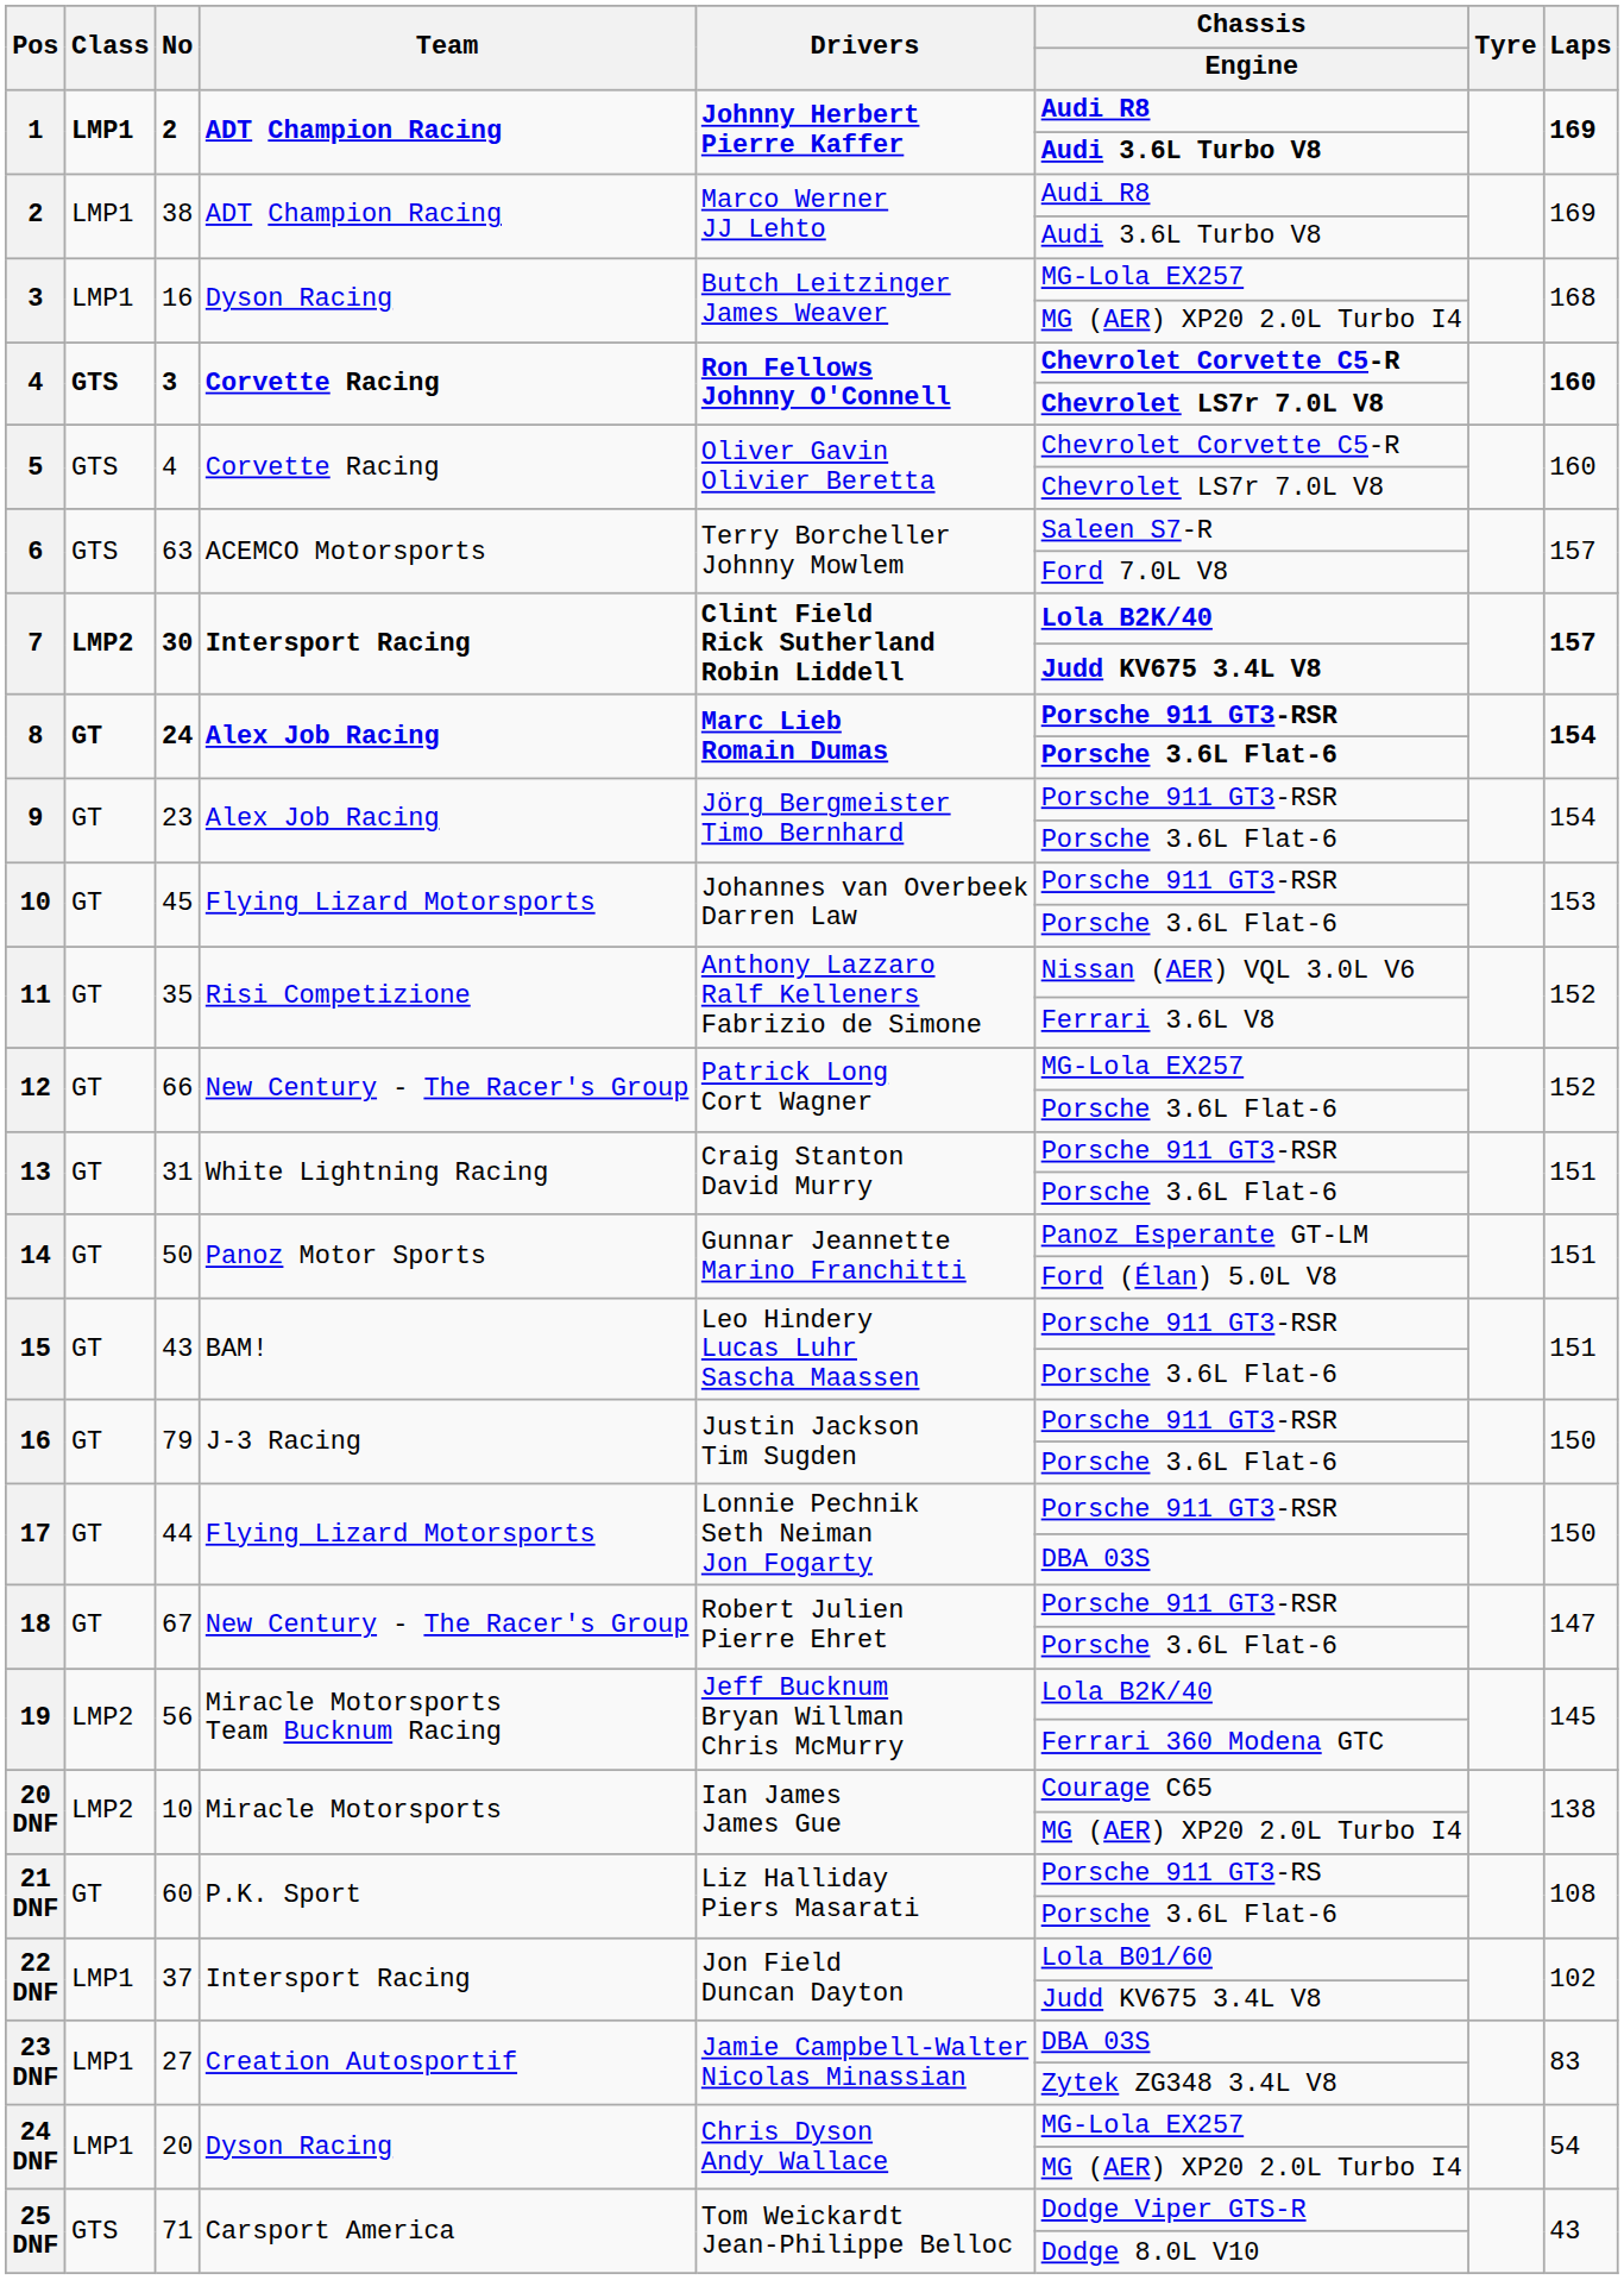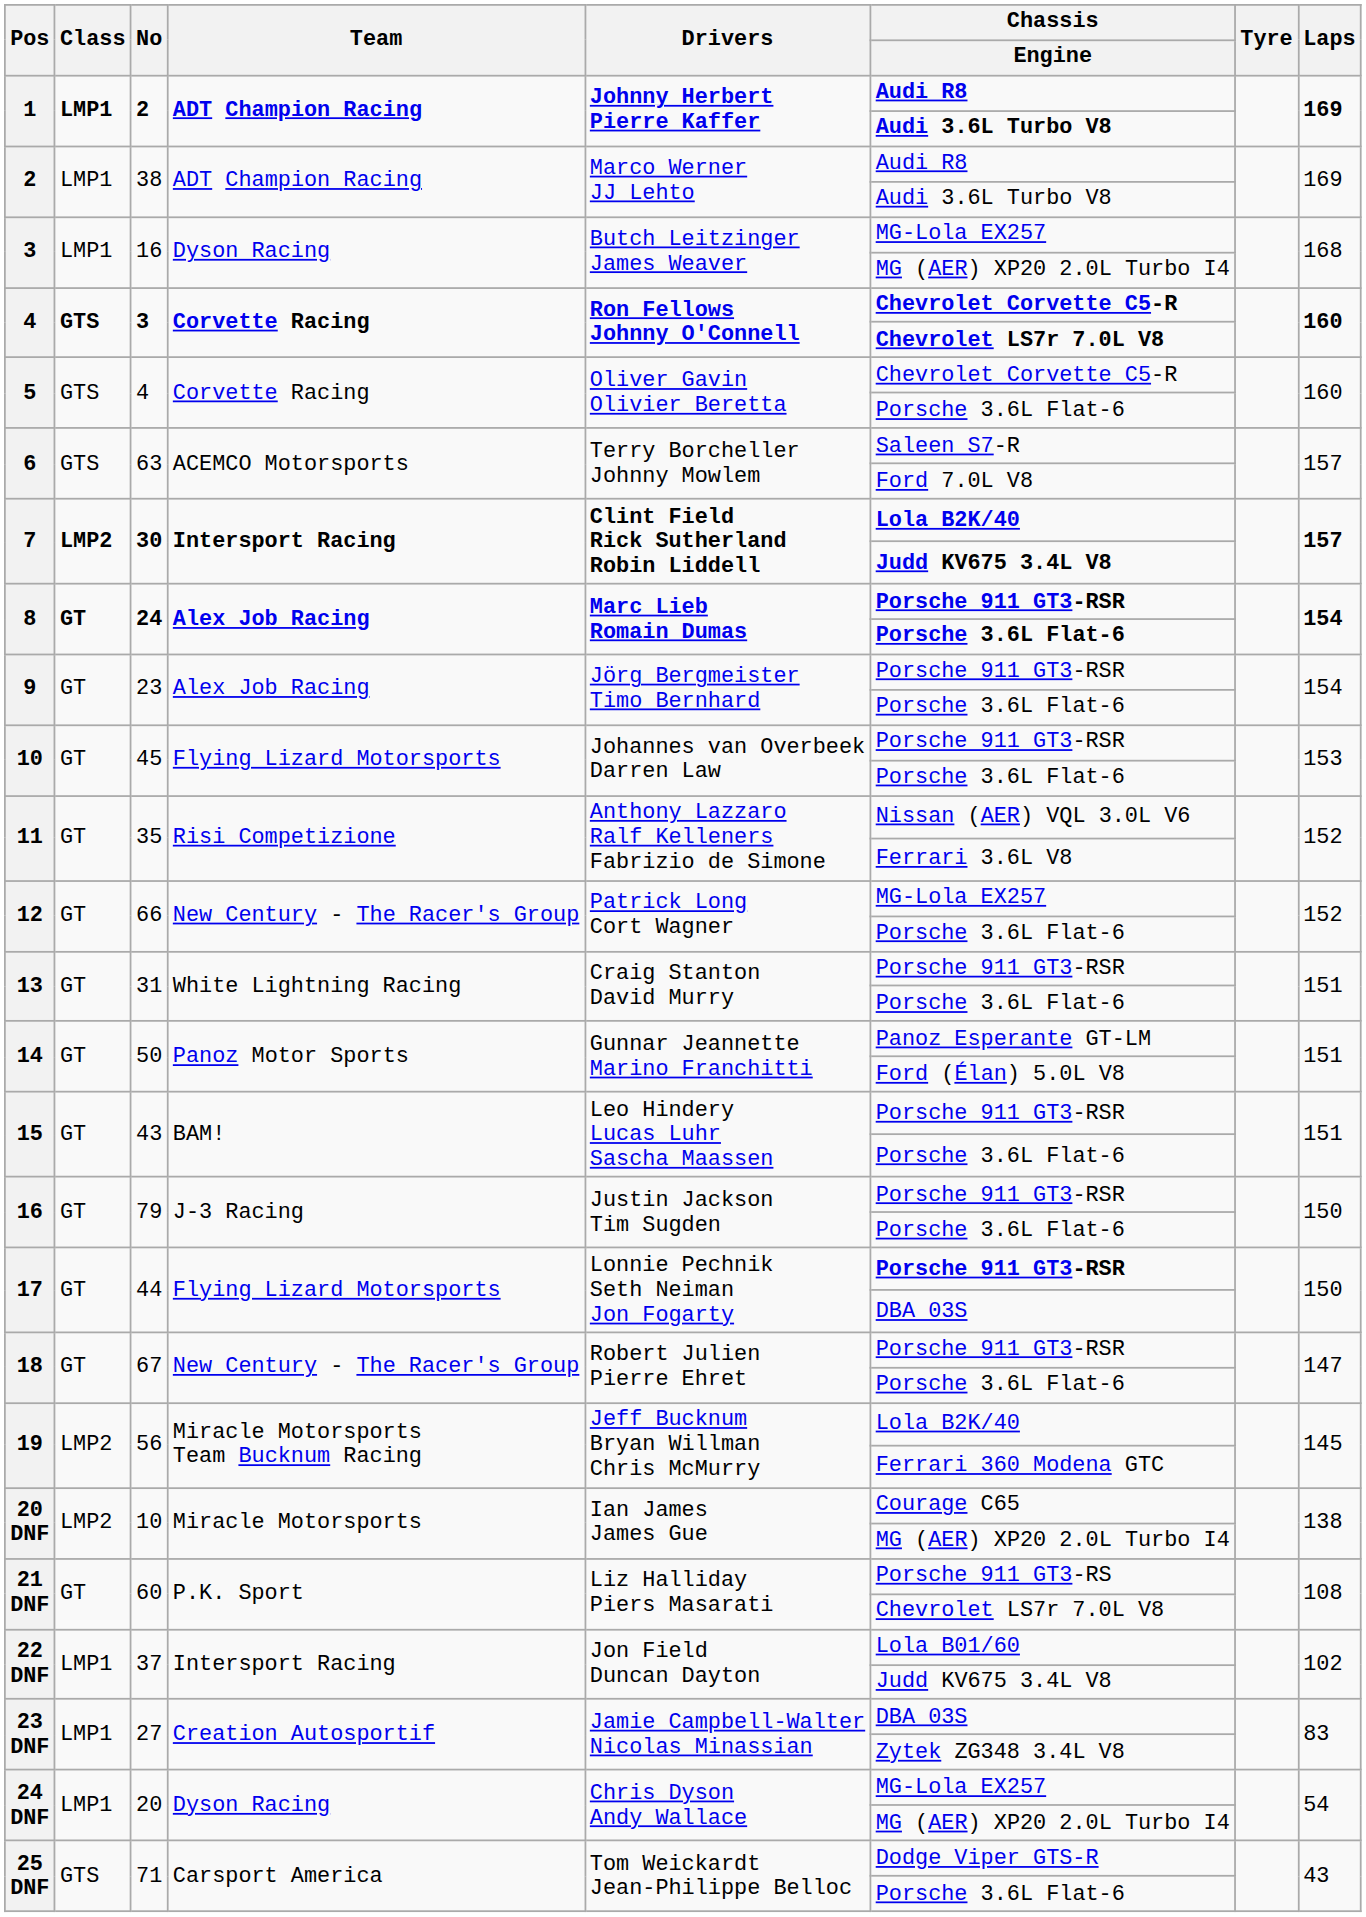 <table class="wikitable" style="font-size: 95%;">
 <tr>
 <th rowspan=2>Pos</th>
 <th rowspan=2>Class</th>
 <th rowspan=2>No</th>
 <th rowspan=2>Team</th>
 <th rowspan=2>Drivers</th>
 <th>Chassis</th>
 <th rowspan=2>Tyre</th>
 <th rowspan=2>Laps</th>
 </tr>
 <tr>
 <th>Engine</th>
 </tr>
 <tr style="font-weight:bold">
 <th rowspan=2>1</th>
 <td rowspan=2>LMP1</td>
 <td rowspan=2>2</td>
 <td rowspan=2> <a href='#'>ADT</a> <a href='#'>Champion Racing</a></td>
 <td rowspan=2> <a href='#'>Johnny Herbert</a><br> <a href='#'>Pierre Kaffer</a></td>
 <td><a href='#'>Audi R8</a></td>
 <td rowspan=2></td>
 <td rowspan=2>169</td>
 </tr>
 <tr style="font-weight:bold">
 <td><a href='#'>Audi</a> 3.6L Turbo V8</td>
 </tr>
 <tr>
 <th rowspan=2>2</th>
 <td rowspan=2>LMP1</td>
 <td rowspan=2>38</td>
 <td rowspan=2> <a href='#'>ADT</a> <a href='#'>Champion Racing</a></td>
 <td rowspan=2> <a href='#'>Marco Werner</a><br> <a href='#'>JJ Lehto</a></td>
 <td><a href='#'>Audi R8</a></td>
 <td rowspan=2></td>
 <td rowspan=2>169</td>
 </tr>
 <tr>
 <td><a href='#'>Audi</a> 3.6L Turbo V8</td>
 </tr>
 <tr>
 <th rowspan=2>3</th>
 <td rowspan=2>LMP1</td>
 <td rowspan=2>16</td>
 <td rowspan=2> <a href='#'>Dyson Racing</a></td>
 <td rowspan=2> <a href='#'>Butch Leitzinger</a><br>  <a href='#'>James Weaver</a></td>
 <td><a href='#'>MG-Lola EX257</a></td>
 <td rowspan=2></td>
 <td rowspan=2>168</td>
 </tr>
 <tr>
 <td><a href='#'>MG</a> (<a href='#'>AER</a>) XP20 2.0L Turbo I4</td>
 </tr>
 <tr style="font-weight:bold">
 <th rowspan=2>4</th>
 <td rowspan=2>GTS</td>
 <td rowspan=2>3</td>
 <td rowspan=2> <a href='#'>Corvette</a> Racing</td>
 <td rowspan=2> <a href='#'>Ron Fellows</a><br> <a href='#'>Johnny O'Connell</a></td>
 <td><a href='#'>Chevrolet Corvette C5</a>-R</td>
 <td rowspan=2></td>
 <td rowspan=2>160</td>
 </tr>
 <tr style="font-weight:bold">
 <td><a href='#'>Chevrolet</a> LS7r 7.0L V8</td>
 </tr>
 <tr>
 <th rowspan=2>5</th>
 <td rowspan=2>GTS</td>
 <td rowspan=2>4</td>
 <td rowspan=2> <a href='#'>Corvette</a> Racing</td>
 <td rowspan=2> <a href='#'>Oliver Gavin</a><br> <a href='#'>Olivier Beretta</a></td>
 <td><a href='#'>Chevrolet Corvette C5</a>-R</td>
 <td rowspan=2></td>
 <td rowspan=2>160</td>
 </tr>
 <tr>
-<td><a href='#'>Chevrolet</a> LS7r 7.0L V8</td>
+<td><a href='#'>Porsche</a> 3.6L Flat-6</td>
 </tr>
 <tr>
 <th rowspan=2>6</th>
 <td rowspan=2>GTS</td>
 <td rowspan=2>63</td>
 <td rowspan=2> ACEMCO Motorsports</td>
 <td rowspan=2> Terry Borcheller<br> Johnny Mowlem</td>
 <td><a href='#'>Saleen S7</a>-R</td>
 <td rowspan=2></td>
 <td rowspan=2>157</td>
 </tr>
 <tr>
 <td><a href='#'>Ford</a> 7.0L V8</td>
 </tr>
 <tr style="font-weight:bold">
 <th rowspan=2>7</th>
 <td rowspan=2>LMP2</td>
 <td rowspan=2>30</td>
 <td rowspan=2> Intersport Racing</td>
 <td rowspan=2> Clint Field<br> Rick Sutherland<br> Robin Liddell</td>
 <td><a href='#'>Lola B2K/40</a></td>
 <td rowspan=2></td>
 <td rowspan=2>157</td>
 </tr>
 <tr style="font-weight:bold">
 <td><a href='#'>Judd</a> KV675 3.4L V8</td>
 </tr>
 <tr style="font-weight:bold">
 <th rowspan=2>8</th>
 <td rowspan=2>GT</td>
 <td rowspan=2>24</td>
 <td rowspan=2> <a href='#'>Alex Job Racing</a></td>
 <td rowspan=2> <a href='#'>Marc Lieb</a><br> <a href='#'>Romain Dumas</a></td>
 <td><a href='#'>Porsche 911 GT3</a>-RSR</td>
 <td rowspan=2></td>
 <td rowspan=2>154</td>
 </tr>
 <tr style="font-weight:bold">
 <td><a href='#'>Porsche</a> 3.6L Flat-6</td>
 </tr>
 <tr>
 <th rowspan=2>9</th>
 <td rowspan=2>GT</td>
 <td rowspan=2>23</td>
 <td rowspan=2> <a href='#'>Alex Job Racing</a></td>
 <td rowspan=2> <a href='#'>Jörg Bergmeister</a><br> <a href='#'>Timo Bernhard</a></td>
 <td><a href='#'>Porsche 911 GT3</a>-RSR</td>
 <td rowspan=2></td>
 <td rowspan=2>154</td>
 </tr>
 <tr>
 <td><a href='#'>Porsche</a> 3.6L Flat-6</td>
 </tr>
 <tr>
 <th rowspan=2>10</th>
 <td rowspan=2>GT</td>
 <td rowspan=2>45</td>
 <td rowspan=2> <a href='#'>Flying Lizard Motorsports</a></td>
 <td rowspan=2> Johannes van Overbeek<br> Darren Law</td>
 <td><a href='#'>Porsche 911 GT3</a>-RSR</td>
 <td rowspan=2></td>
 <td rowspan=2>153</td>
 </tr>
 <tr>
 <td><a href='#'>Porsche</a> 3.6L Flat-6</td>
 </tr>
 <tr>
 <th rowspan=2>11</th>
 <td rowspan=2>GT</td>
 <td rowspan=2>35</td>
 <td rowspan=2> <a href='#'>Risi Competizione</a></td>
 <td rowspan=2> <a href='#'>Anthony Lazzaro</a><br> <a href='#'>Ralf Kelleners</a><br> Fabrizio de Simone</td>
 <td><a href='#'>Nissan</a> (<a href='#'>AER</a>) VQL 3.0L V6</td>
 <td rowspan=2></td>
 <td rowspan=2>152</td>
 </tr>
 <tr>
 <td><a href='#'>Ferrari</a> 3.6L V8</td>
 </tr>
 <tr>
 <th rowspan=2>12</th>
 <td rowspan=2>GT</td>
 <td rowspan=2>66</td>
 <td rowspan=2> <a href='#'>New Century</a> - <a href='#'>The Racer's Group</a></td>
 <td rowspan=2> <a href='#'>Patrick Long</a><br> Cort Wagner</td>
 <td><a href='#'>MG-Lola EX257</a></td>
 <td rowspan=2></td>
 <td rowspan=2>152</td>
 </tr>
 <tr>
 <td><a href='#'>Porsche</a> 3.6L Flat-6</td>
 </tr>
 <tr>
 <th rowspan=2>13</th>
 <td rowspan=2>GT</td>
 <td rowspan=2>31</td>
 <td rowspan=2> White Lightning Racing</td>
 <td rowspan=2> Craig Stanton<br> David Murry</td>
 <td><a href='#'>Porsche 911 GT3</a>-RSR</td>
 <td rowspan=2></td>
 <td rowspan=2>151</td>
 </tr>
 <tr>
 <td><a href='#'>Porsche</a> 3.6L Flat-6</td>
 </tr>
 <tr>
 <th rowspan=2>14</th>
 <td rowspan=2>GT</td>
 <td rowspan=2>50</td>
 <td rowspan=2> <a href='#'>Panoz</a> Motor Sports</td>
 <td rowspan=2> Gunnar Jeannette<br> <a href='#'>Marino Franchitti</a></td>
 <td><a href='#'>Panoz Esperante</a> GT-LM</td>
 <td rowspan=2></td>
 <td rowspan=2>151</td>
 </tr>
 <tr>
 <td><a href='#'>Ford</a> (<a href='#'>Élan</a>) 5.0L V8</td>
 </tr>
 <tr>
 <th rowspan=2>15</th>
 <td rowspan=2>GT</td>
 <td rowspan=2>43</td>
 <td rowspan=2> BAM!</td>
 <td rowspan=2> Leo Hindery<br> <a href='#'>Lucas Luhr</a><br> <a href='#'>Sascha Maassen</a></td>
 <td><a href='#'>Porsche 911 GT3</a>-RSR</td>
 <td rowspan=2></td>
 <td rowspan=2>151</td>
 </tr>
 <tr>
 <td><a href='#'>Porsche</a> 3.6L Flat-6</td>
 </tr>
 <tr>
 <th rowspan=2>16</th>
 <td rowspan=2>GT</td>
 <td rowspan=2>79</td>
 <td rowspan=2> J-3 Racing</td>
 <td rowspan=2> Justin Jackson<br> Tim Sugden</td>
 <td><a href='#'>Porsche 911 GT3</a>-RSR</td>
 <td rowspan=2></td>
 <td rowspan=2>150</td>
 </tr>
 <tr>
 <td><a href='#'>Porsche</a> 3.6L Flat-6</td>
 </tr>
 <tr>
 <th rowspan=2>17</th>
 <td rowspan=2>GT</td>
 <td rowspan=2>44</td>
 <td rowspan=2> <a href='#'>Flying Lizard Motorsports</a></td>
 <td rowspan=2> Lonnie Pechnik<br> Seth Neiman<br> <a href='#'>Jon Fogarty</a></td>
-<td><a href='#'>Porsche 911 GT3</a>-RSR</td>
+<td><strong><a href='#'>Porsche 911 GT3</a>-RSR</strong></td>
 <td rowspan=2></td>
 <td rowspan=2>150</td>
 </tr>
 <tr>
 <td><a href='#'>DBA 03S</a></td>
 </tr>
 <tr>
 <th rowspan=2>18</th>
 <td rowspan=2>GT</td>
 <td rowspan=2>67</td>
 <td rowspan=2> <a href='#'>New Century</a> - <a href='#'>The Racer's Group</a></td>
 <td rowspan=2> Robert Julien<br> Pierre Ehret</td>
 <td><a href='#'>Porsche 911 GT3</a>-RSR</td>
 <td rowspan=2></td>
 <td rowspan=2>147</td>
 </tr>
 <tr>
 <td><a href='#'>Porsche</a> 3.6L Flat-6</td>
 </tr>
 <tr>
 <th rowspan=2>19</th>
 <td rowspan=2>LMP2</td>
 <td rowspan=2>56</td>
 <td rowspan=2> Miracle Motorsports<br> Team <a href='#'>Bucknum</a> Racing</td>
 <td rowspan=2> <a href='#'>Jeff Bucknum</a><br> Bryan Willman<br> Chris McMurry</td>
 <td><a href='#'>Lola B2K/40</a></td>
 <td rowspan=2></td>
 <td rowspan=2>145</td>
 </tr>
 <tr>
 <td><a href='#'>Ferrari 360 Modena</a> GTC</td>
 </tr>
 <tr>
 <th rowspan=2>20<br>DNF</th>
 <td rowspan=2>LMP2</td>
 <td rowspan=2>10</td>
 <td rowspan=2> Miracle Motorsports</td>
 <td rowspan=2> Ian James<br> James Gue</td>
 <td><a href='#'>Courage</a> C65</td>
 <td rowspan=2></td>
 <td rowspan=2>138</td>
 </tr>
 <tr>
 <td><a href='#'>MG</a> (<a href='#'>AER</a>) XP20 2.0L Turbo I4</td>
 </tr>
 <tr>
 <th rowspan=2>21<br>DNF</th>
 <td rowspan=2>GT</td>
 <td rowspan=2>60</td>
 <td rowspan=2> P.K. Sport</td>
 <td rowspan=2> Liz Halliday<br> Piers Masarati</td>
 <td><a href='#'>Porsche 911 GT3</a>-RS</td>
 <td rowspan=2></td>
 <td rowspan=2>108</td>
 </tr>
 <tr>
-<td><a href='#'>Porsche</a> 3.6L Flat-6</td>
+<td><a href='#'>Chevrolet</a> LS7r 7.0L V8</td>
 </tr>
 <tr>
 <th rowspan=2>22<br>DNF</th>
 <td rowspan=2>LMP1</td>
 <td rowspan=2>37</td>
 <td rowspan=2> Intersport Racing</td>
 <td rowspan=2> Jon Field<br> Duncan Dayton</td>
 <td><a href='#'>Lola B01/60</a></td>
 <td rowspan=2></td>
 <td rowspan=2>102</td>
 </tr>
 <tr>
 <td><a href='#'>Judd</a> KV675 3.4L V8</td>
 </tr>
 <tr>
 <th rowspan=2>23<br>DNF</th>
 <td rowspan=2>LMP1</td>
 <td rowspan=2>27</td>
 <td rowspan=2> <a href='#'>Creation Autosportif</a></td>
 <td rowspan=2> <a href='#'>Jamie Campbell-Walter</a><br> <a href='#'>Nicolas Minassian</a></td>
 <td><a href='#'>DBA 03S</a></td>
 <td rowspan=2></td>
 <td rowspan=2>83</td>
 </tr>
 <tr>
 <td><a href='#'>Zytek</a> ZG348 3.4L V8</td>
 </tr>
 <tr>
 <th rowspan=2>24<br>DNF</th>
 <td rowspan=2>LMP1</td>
 <td rowspan=2>20</td>
 <td rowspan=2> <a href='#'>Dyson Racing</a></td>
 <td rowspan=2> <a href='#'>Chris Dyson</a><br> <a href='#'>Andy Wallace</a></td>
 <td><a href='#'>MG-Lola EX257</a></td>
 <td rowspan=2></td>
 <td rowspan=2>54</td>
 </tr>
 <tr>
 <td><a href='#'>MG</a> (<a href='#'>AER</a>) XP20 2.0L Turbo I4</td>
 </tr>
 <tr>
 <th rowspan=2>25<br>DNF</th>
 <td rowspan=2>GTS</td>
 <td rowspan=2>71</td>
 <td rowspan=2> Carsport America</td>
 <td rowspan=2> Tom Weickardt<br> Jean-Philippe Belloc</td>
 <td><a href='#'>Dodge Viper GTS-R</a></td>
 <td rowspan=2></td>
 <td rowspan=2>43</td>
 </tr>
 <tr>
-<td><a href='#'>Dodge</a> 8.0L V10</td>
+<td><a href='#'>Porsche</a> 3.6L Flat-6</td>
 </tr>
 </table>
